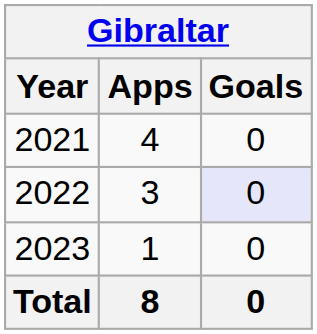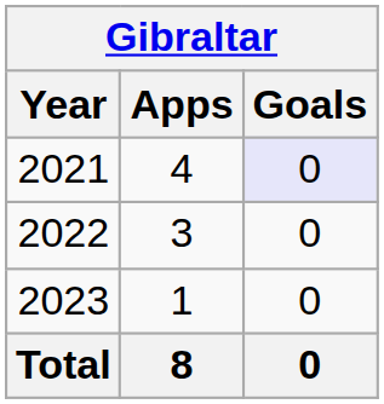 <table class="wikitable" style="text-align:center">
 <tr>
 <th colspan=3><a href='#'>Gibraltar</a></th>
 </tr>
 <tr>
 <th>Year</th>
 <th>Apps</th>
 <th>Goals</th>
 </tr>
 <tr>
 <td>2021</td>
 <td>4</td>
-<td>0</td>
+<td style="background: lavender;">0</td>
 </tr>
 <tr>
 <td>2022</td>
 <td>3</td>
-<td style="background: lavender;">0</td>
+<td>0</td>
 </tr>
 <tr>
 <td>2023</td>
 <td>1</td>
 <td>0</td>
 </tr>
 <tr>
 <th>Total</th>
 <th>8</th>
 <th>0</th>
 </tr>
 </table>
